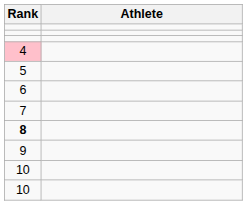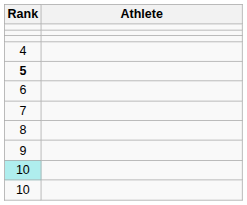 <table class="wikitable" style="text-align: center;">
 <tr>
 <th width=40>Rank</th>
 <th width=250>Athlete</th>
 </tr>
 <tr>
 <td></td>
 <td align="left"></td>
 </tr>
 <tr>
 <td></td>
 <td align="left"></td>
 </tr>
 <tr>
 <td></td>
 <td align="left"></td>
 </tr>
 <tr>
-<td style="background: pink;">4</td>
+<td>4</td>
 <td align="left"></td>
 </tr>
 <tr>
-<td>5</td>
+<td><strong>5</strong></td>
 <td align="left"></td>
 </tr>
 <tr>
 <td>6</td>
 <td align="left"></td>
 </tr>
 <tr>
 <td>7</td>
 <td align="left"></td>
 </tr>
 <tr>
-<td><strong>8</strong></td>
+<td>8</td>
 <td align="left"></td>
 </tr>
 <tr>
 <td>9</td>
 <td align="left"></td>
 </tr>
 <tr>
-<td>10</td>
+<td style="background: paleturquoise;">10</td>
 <td align="left"></td>
 </tr>
 <tr>
 <td>10</td>
 <td align="left"></td>
 </tr>
 </table>
